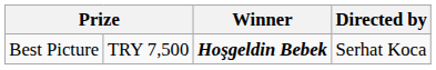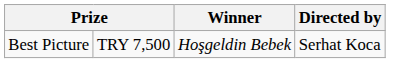 <table class="wikitable">
 <tr>
 <th colspan=2>Prize</th>
 <th>Winner</th>
 <th>Directed by</th>
 </tr>
 <tr>
 <td>Best Picture</td>
 <td>TRY 7,500</td>
-<td><strong><em>Hoşgeldin Bebek</em></strong></td>
+<td><em>Hoşgeldin Bebek</em></td>
 <td>Serhat Koca</td>
 </tr>
 </table>
